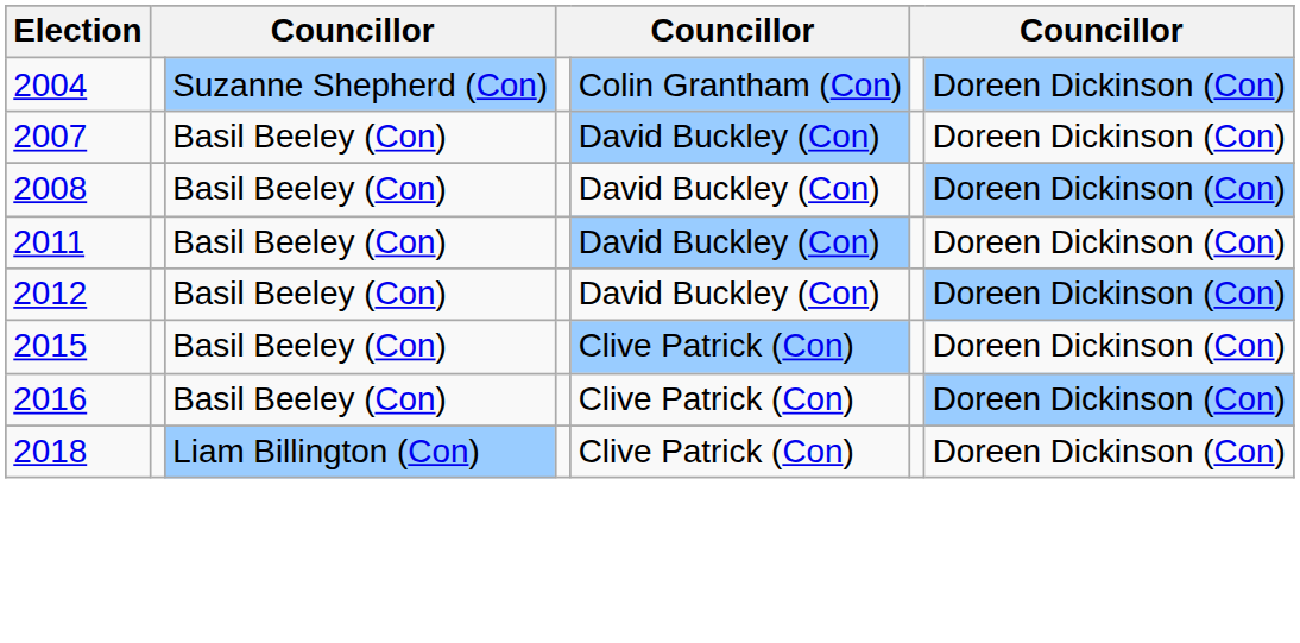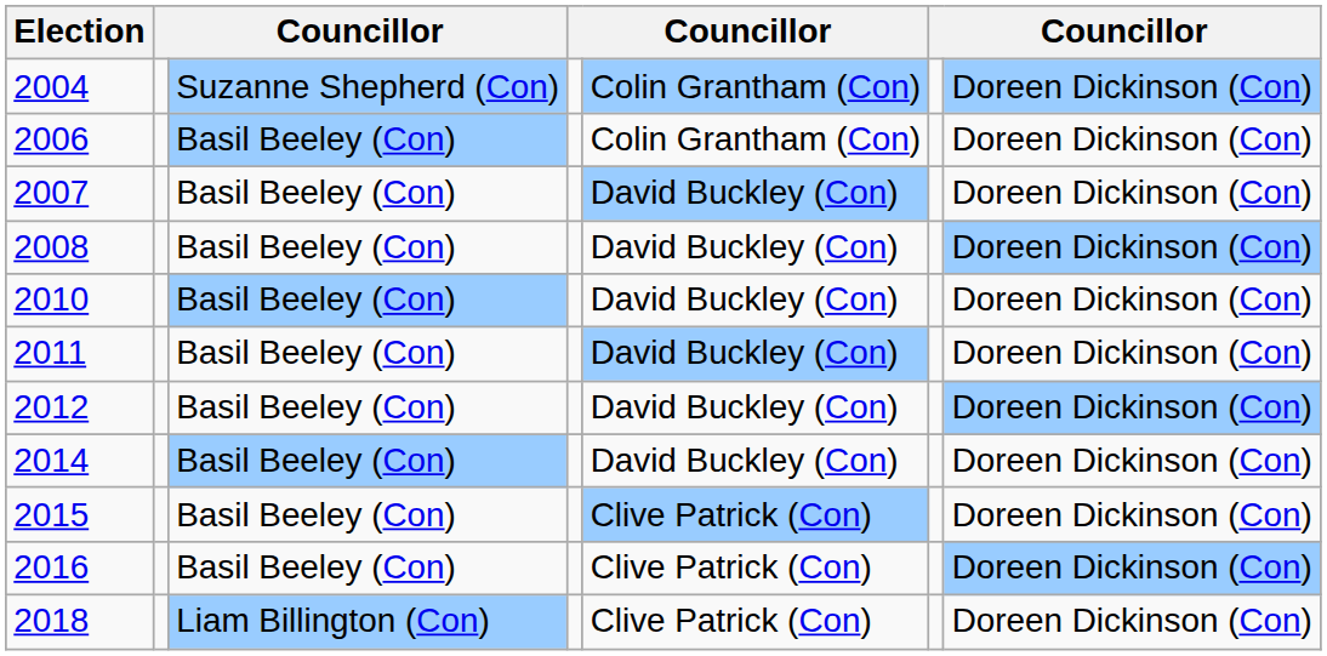 <table class="wikitable">
 <tr>
 <th>Election</th>
 <th colspan="2">Councillor</th>
 <th colspan="2">Councillor</th>
 <th colspan="2">Councillor</th>
 </tr>
 <tr>
 <td><a href='#'>2004</a></td>
 <td style="background-color: "></td>
 <td bgcolor="#99CCFF">Suzanne Shepherd (<a href='#'>Con</a>)</td>
 <td style="background-color: "></td>
 <td bgcolor="#99CCFF">Colin Grantham (<a href='#'>Con</a>)</td>
 <td style="background-color: "></td>
 <td bgcolor="#99CCFF">Doreen Dickinson (<a href='#'>Con</a>)</td>
+</tr>
+<tr>
+<td><a href='#'>2006</a></td>
+<td style="background-color: "></td>
+<td bgcolor="#99CCFF">Basil Beeley (<a href='#'>Con</a>)</td>
+<td style="background-color: "></td>
+<td>Colin Grantham (<a href='#'>Con</a>)</td>
+<td style="background-color: "></td>
+<td>Doreen Dickinson (<a href='#'>Con</a>)</td>
 </tr>
 <tr>
 <td><a href='#'>2007</a></td>
 <td style="background-color: "></td>
 <td>Basil Beeley (<a href='#'>Con</a>)</td>
 <td style="background-color: "></td>
 <td bgcolor="#99CCFF">David Buckley (<a href='#'>Con</a>)</td>
 <td style="background-color: "></td>
 <td>Doreen Dickinson (<a href='#'>Con</a>)</td>
 </tr>
 <tr>
 <td><a href='#'>2008</a></td>
 <td style="background-color: "></td>
 <td>Basil Beeley (<a href='#'>Con</a>)</td>
 <td style="background-color: "></td>
 <td>David Buckley (<a href='#'>Con</a>)</td>
 <td style="background-color: "></td>
 <td bgcolor="#99CCFF">Doreen Dickinson (<a href='#'>Con</a>)</td>
 </tr>
 <tr>
+<td><a href='#'>2010</a></td>
+<td style="background-color: "></td>
+<td bgcolor="#99CCFF">Basil Beeley (<a href='#'>Con</a>)</td>
+<td style="background-color: "></td>
+<td>David Buckley (<a href='#'>Con</a>)</td>
+<td style="background-color: "></td>
+<td>Doreen Dickinson (<a href='#'>Con</a>)</td>
+</tr>
+<tr>
 <td><a href='#'>2011</a></td>
 <td style="background-color: "></td>
 <td>Basil Beeley (<a href='#'>Con</a>)</td>
 <td style="background-color: "></td>
 <td bgcolor="#99CCFF">David Buckley (<a href='#'>Con</a>)</td>
 <td style="background-color: "></td>
 <td>Doreen Dickinson (<a href='#'>Con</a>)</td>
 </tr>
 <tr>
 <td><a href='#'>2012</a></td>
 <td style="background-color: "></td>
 <td>Basil Beeley (<a href='#'>Con</a>)</td>
 <td style="background-color: "></td>
 <td>David Buckley (<a href='#'>Con</a>)</td>
 <td style="background-color: "></td>
 <td bgcolor="#99CCFF">Doreen Dickinson (<a href='#'>Con</a>)</td>
+</tr>
+<tr>
+<td><a href='#'>2014</a></td>
+<td style="background-color: "></td>
+<td bgcolor="#99CCFF">Basil Beeley (<a href='#'>Con</a>)</td>
+<td style="background-color: "></td>
+<td>David Buckley (<a href='#'>Con</a>)</td>
+<td style="background-color: "></td>
+<td>Doreen Dickinson (<a href='#'>Con</a>)</td>
 </tr>
 <tr>
 <td><a href='#'>2015</a></td>
 <td style="background-color: "></td>
 <td>Basil Beeley (<a href='#'>Con</a>)</td>
 <td style="background-color: "></td>
 <td bgcolor="#99CCFF">Clive Patrick (<a href='#'>Con</a>)</td>
 <td style="background-color: "></td>
 <td>Doreen Dickinson (<a href='#'>Con</a>)</td>
 </tr>
 <tr>
 <td><a href='#'>2016</a></td>
 <td style="background-color: "></td>
 <td>Basil Beeley (<a href='#'>Con</a>)</td>
 <td style="background-color: "></td>
 <td>Clive Patrick (<a href='#'>Con</a>)</td>
 <td style="background-color: "></td>
 <td bgcolor="#99CCFF">Doreen Dickinson (<a href='#'>Con</a>)</td>
 </tr>
 <tr>
 <td><a href='#'>2018</a></td>
 <td style="background-color: "></td>
 <td bgcolor="#99CCFF">Liam Billington (<a href='#'>Con</a>)</td>
 <td style="background-color: "></td>
 <td>Clive Patrick (<a href='#'>Con</a>)</td>
 <td style="background-color: "></td>
 <td>Doreen Dickinson (<a href='#'>Con</a>)</td>
 </tr>
 </table>
